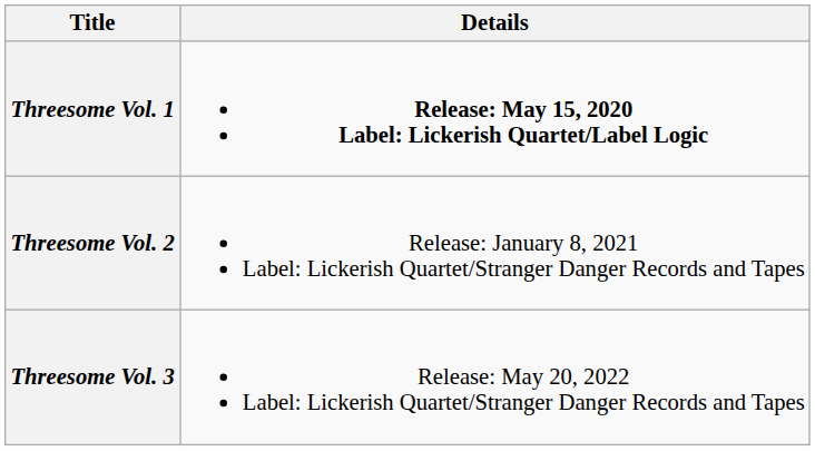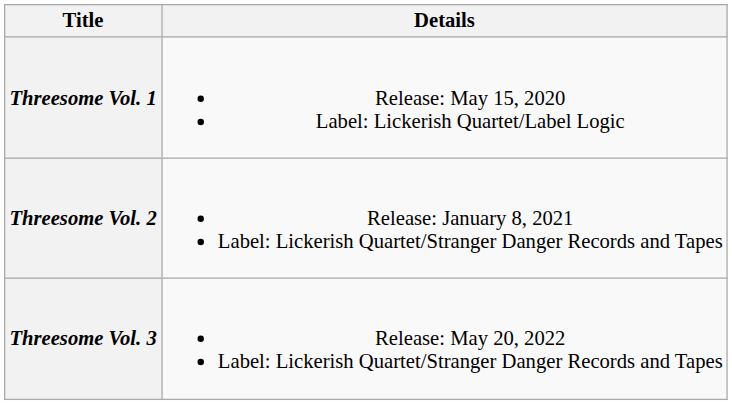 <table class="wikitable plainrowheaders" style="text-align:center;">
 <tr>
 <th scope="col">Title</th>
 <th scope="col">Details</th>
 </tr>
 <tr>
 <th scope="row"><em>Threesome Vol. 1</em></th>
-<td><strong><br><ul><li>Release: May 15, 2020</li><li>Label: Lickerish Quartet/Label Logic</li></ul></strong></td>
+<td><br><ul><li>Release: May 15, 2020</li><li>Label: Lickerish Quartet/Label Logic</li></ul></td>
 </tr>
 <tr>
 <th scope="row"><em>Threesome Vol. 2</em></th>
 <td><br><ul><li>Release: January 8, 2021</li><li>Label: Lickerish Quartet/Stranger Danger Records and Tapes</li></ul></td>
 </tr>
 <tr>
 <th scope="row"><em>Threesome Vol. 3</em></th>
 <td><br><ul><li>Release: May 20, 2022</li><li>Label: Lickerish Quartet/Stranger Danger Records and Tapes</li></ul></td>
 </tr>
 </table>
